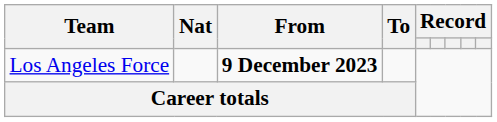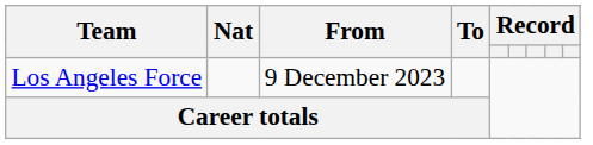 <table class="wikitable" style="text-align: center">
 <tr>
 <th rowspan=2>Team</th>
 <th rowspan=2>Nat</th>
 <th rowspan=2>From</th>
 <th rowspan=2>To</th>
 <th colspan=8>Record</th>
 </tr>
 <tr>
 <th></th>
 <th></th>
 <th></th>
 <th></th>
 <th></th>
 </tr>
 <tr>
 <td align=left><a href='#'>Los Angeles Force</a></td>
 <td></td>
-<td align=left><strong>9 December 2023</strong></td>
+<td align=left>9 December 2023</td>
 <td align=left><br></td>
 </tr>
 <tr>
 <th colspan=4>Career totals<br></th>
 </tr>
 </table>
